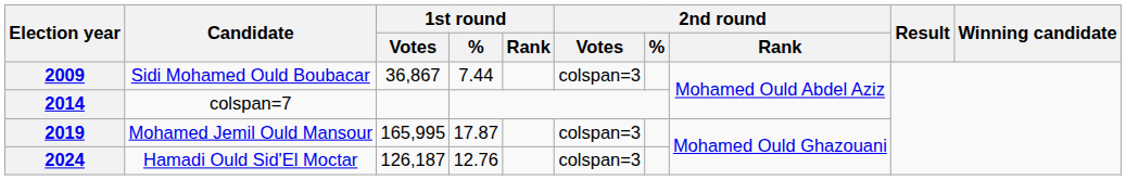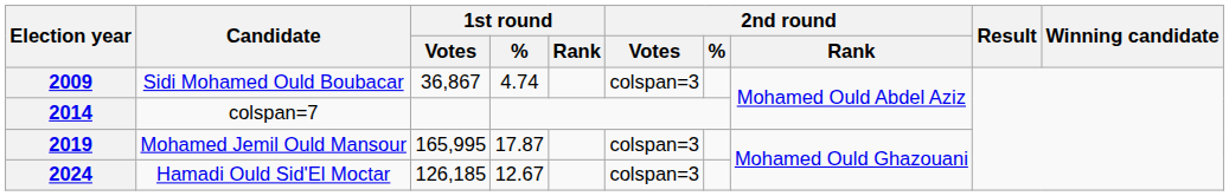 <table class="wikitable" style="text-align:center;">
 <tr>
 <th rowspan=2>Election year</th>
 <th rowspan=2>Candidate</th>
 <th colspan=3>1st round</th>
 <th colspan=3>2nd round</th>
 <th rowspan=2>Result</th>
 <th rowspan=2>Winning candidate</th>
 </tr>
 <tr>
 <th>Votes</th>
 <th>%</th>
 <th>Rank</th>
 <th>Votes</th>
 <th>%</th>
 <th>Rank</th>
 </tr>
 <tr>
 <th><a href='#'>2009</a></th>
 <td><a href='#'>Sidi Mohamed Ould Boubacar</a></td>
 <td>36,867</td>
-<td>7.44</td>
+<td>4.74</td>
 <td></td>
 <td>colspan=3 </td>
 <td></td>
 <td rowspan=2><a href='#'>Mohamed Ould Abdel Aziz</a></td>
 </tr>
 <tr>
 <th><a href='#'>2014</a></th>
 <td>colspan=7 </td>
 <td></td>
 </tr>
 <tr>
 <th><a href='#'>2019</a></th>
 <td><a href='#'>Mohamed Jemil Ould Mansour</a></td>
 <td>165,995</td>
 <td>17.87</td>
 <td></td>
 <td>colspan=3 </td>
 <td></td>
 <td rowspan=2><a href='#'>Mohamed Ould Ghazouani</a></td>
 </tr>
 <tr>
 <th><a href='#'>2024</a></th>
 <td><a href='#'>Hamadi Ould Sid'El Moctar</a></td>
-<td>126,187</td>
-<td>12.76</td>
+<td>126,185</td>
+<td>12.67</td>
 <td></td>
 <td>colspan=3 </td>
 <td></td>
 </tr>
 </table>
